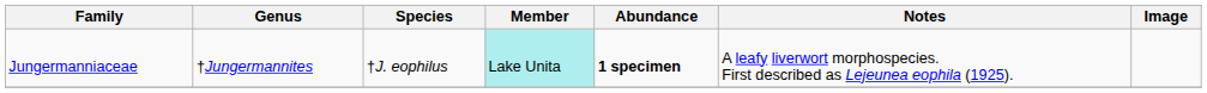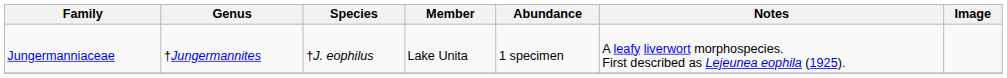 <table class="wikitable" style="margin:auto;width:100%;">
 <tr>
 <th>Family</th>
 <th>Genus</th>
 <th>Species</th>
 <th>Member</th>
 <th>Abundance</th>
 <th>Notes</th>
 <th>Image</th>
 </tr>
 <tr>
 <td><br><a href='#'>Jungermanniaceae</a></td>
 <td><br>†<em><a href='#'>Jungermannites</a></em></td>
 <td><br>†<em>J. eophilus</em> </td>
-<td style="background: paleturquoise;"><br>Lake Unita</td>
-<td><strong><br>1 specimen</strong></td>
+<td><br>Lake Unita</td>
+<td><br>1 specimen</td>
 <td><br>A <a href='#'>leafy</a> <a href='#'>liverwort</a> morphospecies.<br>First described as <em><a href='#'>Lejeunea eophila</a></em> (<a href='#'>1925</a>).</td>
 <td><br></td>
 </tr>
 <tr>
 </tr>
 </table>
